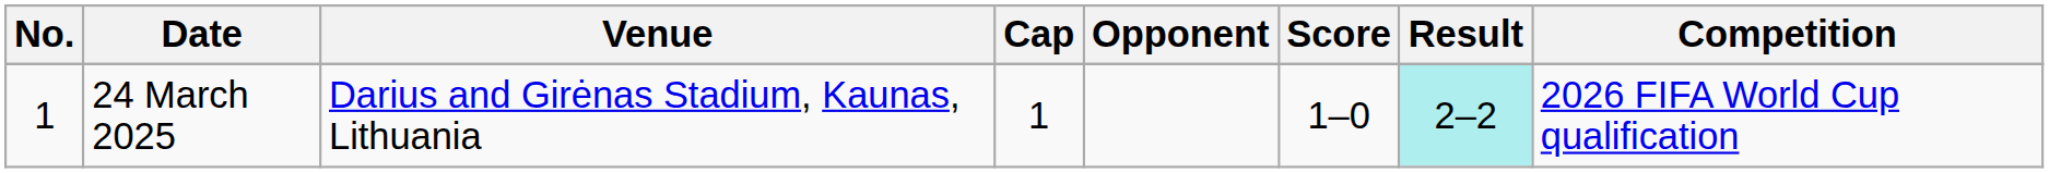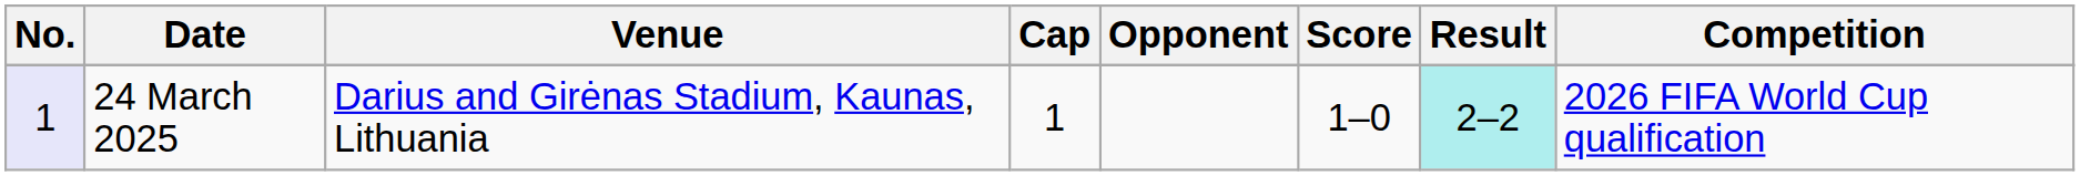 <table class="wikitable sortable plainrowheaders">
 <tr>
 <th scope="col">No.</th>
 <th scope="col">Date</th>
 <th scope="col">Venue</th>
 <th scope="col">Cap</th>
 <th scope="col">Opponent</th>
 <th scope="col">Score</th>
 <th scope="col">Result</th>
 <th scope="col">Competition</th>
 </tr>
 <tr>
 </tr>
 <tr>
-<td style="text-align:center">1</td>
+<td style="background: lavender; text-align:center">1</td>
 <td>24 March 2025</td>
 <td><a href='#'>Darius and Girėnas Stadium</a>, <a href='#'>Kaunas</a>, Lithuania</td>
 <td style="text-align:center">1</td>
 <td></td>
 <td style="text-align:center">1–0</td>
 <td style="background: paleturquoise; text-align:center">2–2</td>
 <td><a href='#'>2026 FIFA World Cup qualification</a></td>
 </tr>
 </table>
